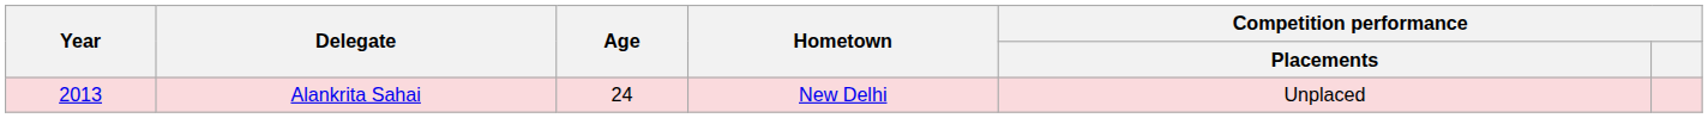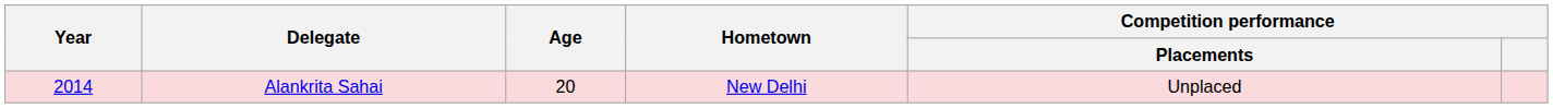 <table class="wikitable" style="text-align:center; line-height:20px; font-size:90%; width:100%;">
 <tr>
 <th rowspan="2">Year</th>
 <th rowspan="2">Delegate</th>
 <th rowspan="2">Age</th>
 <th rowspan="2">Hometown</th>
 <th colspan="2">Competition performance</th>
 </tr>
 <tr>
 <th>Placements</th>
 <th></th>
 </tr>
 <tr style="background-color:#FADADD;: bold">
-<td><a href='#'>2013</a></td>
+<td><a href='#'>2014</a></td>
 <td><a href='#'>Alankrita Sahai</a></td>
-<td>24</td>
+<td>20</td>
 <td><a href='#'>New Delhi</a></td>
 <td>Unplaced</td>
 <td style="background:;"></td>
 </tr>
 </table>
